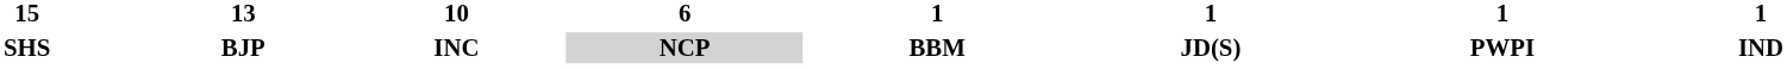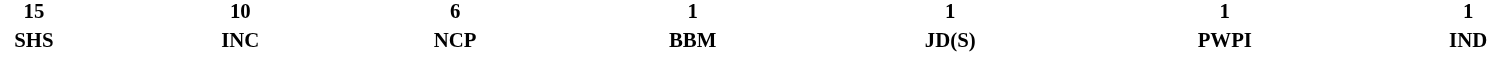 <table style="width:100%; text-align:center;">
 <tr>
 <td style="background:"><strong>15</strong></td>
-<td style="background:"><strong>13</strong></td>
 <td style="background:"><strong>10</strong></td>
 <td style="background:"><strong>6</strong></td>
 <td style="background:"><strong>1</strong></td>
 <td style="background:"><strong>1</strong></td>
 <td style="background:"><strong>1</strong></td>
 <td style="background:"><strong>1</strong></td>
 </tr>
 <tr>
 <td><span><strong>SHS</strong></span></td>
-<td><span><strong>BJP</strong></span></td>
 <td><span><strong>INC</strong></span></td>
-<td style="background: lightgrey;"><span><strong>NCP</strong></span></td>
+<td><span><strong>NCP</strong></span></td>
 <td><span><strong>BBM</strong></span></td>
 <td><span><strong>JD(S)</strong></span></td>
 <td><span><strong>PWPI</strong></span></td>
 <td><span><strong>IND</strong></span></td>
 </tr>
 </table>
